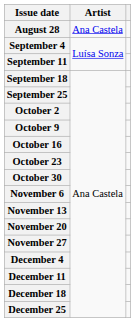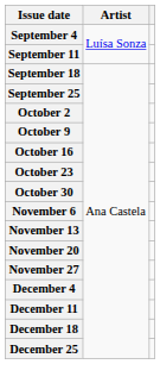 <table class="wikitable plainrowheaders">
 <tr>
 <th scope="col">Issue date</th>
 <th>Artist</th>
 <th></th>
-</tr>
-<tr>
-<th scope="row">August 28</th>
-<td><a href='#'>Ana Castela</a></td>
-<td></td>
 </tr>
 <tr>
 <th scope="row">September 4</th>
 <td rowspan="2"><a href='#'>Luísa Sonza</a></td>
 <td></td>
 </tr>
 <tr>
 <th scope="row">September 11</th>
 <td></td>
 </tr>
 <tr>
 <th scope="row">September 18</th>
 <td rowspan="15">Ana Castela</td>
 <td></td>
 </tr>
 <tr>
 <th scope="row">September 25</th>
 <td></td>
 </tr>
 <tr>
 <th scope="row">October 2</th>
 <td></td>
 </tr>
 <tr>
 <th scope="row">October 9</th>
 <td></td>
 </tr>
 <tr>
 <th scope="row">October 16</th>
 <td></td>
 </tr>
 <tr>
 <th scope="row">October 23</th>
 <td></td>
 </tr>
 <tr>
 <th scope="row">October 30</th>
 <td></td>
 </tr>
 <tr>
 <th scope="row">November 6</th>
 <td></td>
 </tr>
 <tr>
 <th scope="row">November 13</th>
 <td></td>
 </tr>
 <tr>
 <th scope="row">November 20</th>
 <td></td>
 </tr>
 <tr>
 <th scope="row">November 27</th>
 <td></td>
 </tr>
 <tr>
 <th scope="row">December 4</th>
 <td></td>
 </tr>
 <tr>
 <th scope="row">December 11</th>
 <td></td>
 </tr>
 <tr>
 <th scope="row">December 18</th>
 <td></td>
 </tr>
 <tr>
 <th scope="row">December 25</th>
 <td></td>
 </tr>
 </table>
